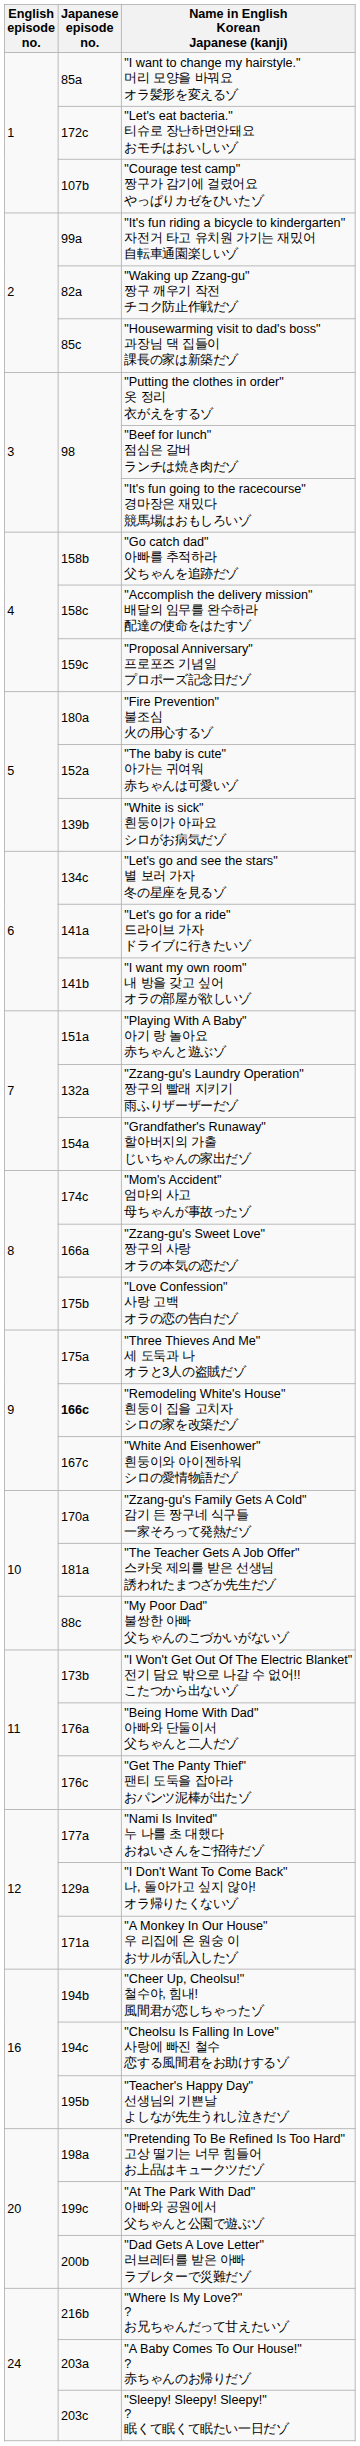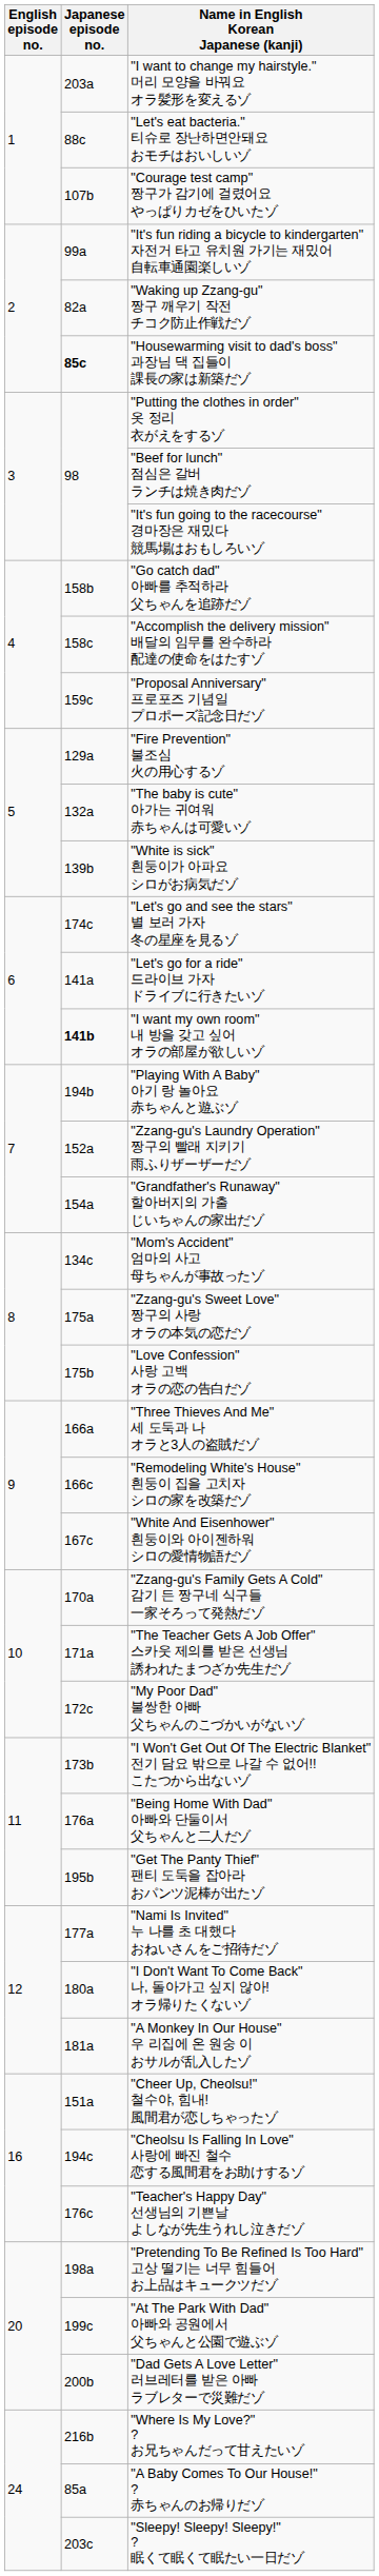 <table class="wikitable">
 <tr>
 <th>English<br>episode<br>no.</th>
 <th>Japanese<br>episode<br>no.</th>
 <th>Name in English<br>Korean <br>Japanese (kanji)</th>
 </tr>
 <tr>
 <td rowspan="3">1</td>
-<td>85a</td>
+<td>203a</td>
 <td>"I want to change my hairstyle."<br>머리 모양을 바꿔요<br> オラ髪形を変えるゾ</td>
 </tr>
 <tr>
-<td>172c</td>
+<td>88c</td>
 <td>"Let's eat bacteria."<br>티슈로 장난하면안돼요<br> おモチはおいしいゾ</td>
 </tr>
 <tr>
 <td>107b</td>
 <td>"Courage test camp"<br>짱구가 감기에 걸렸어요<br> やっぱりカゼをひいたゾ</td>
 </tr>
 <tr>
 <td rowspan="3">2</td>
 <td>99a</td>
 <td>"It's fun riding a bicycle to kindergarten"<br>자전거 타고 유치원 가기는 재밌어<br> 自転車通園楽しいゾ</td>
 </tr>
 <tr>
 <td>82a</td>
 <td>"Waking up Zzang-gu"<br>짱구 깨우기 작전<br> チコク防止作戦だゾ</td>
 </tr>
 <tr>
-<td>85c</td>
+<td><strong>85c</strong></td>
 <td>"Housewarming visit to dad's boss"<br>과장님 댁 집들이<br> 課長の家は新築だゾ</td>
 </tr>
 <tr>
 <td rowspan="3">3</td>
 <td rowspan="3">98</td>
 <td>"Putting the clothes in order"<br>옷 정리<br> 衣がえをするゾ</td>
 </tr>
 <tr>
 <td>"Beef for lunch"<br>점심은 갈버<br> ランチは焼き肉だゾ</td>
 </tr>
 <tr>
 <td>"It's fun going to the racecourse"<br>경마장은 재밌다<br> 競馬場はおもしろいゾ</td>
 </tr>
 <tr>
 <td rowspan="3">4</td>
 <td>158b</td>
 <td>"Go catch dad"<br>아빠를 추적하라<br> 父ちゃんを追跡だゾ</td>
 </tr>
 <tr>
 <td>158c</td>
 <td>"Accomplish the delivery mission"<br>배달의 임무를 완수하라<br> 配達の使命をはたすゾ</td>
 </tr>
 <tr>
 <td>159c</td>
 <td>"Proposal Anniversary"<br>프로포즈 기념일<br> プロポーズ記念日だゾ</td>
 </tr>
 <tr>
 <td rowspan="3">5</td>
-<td>180a</td>
+<td>129a</td>
 <td>"Fire Prevention"<br>불조심<br> 火の用心するゾ</td>
 </tr>
 <tr>
-<td>152a</td>
+<td>132a</td>
 <td>"The baby is cute"<br>아가는 귀여워<br> 赤ちゃんは可愛いゾ</td>
 </tr>
 <tr>
 <td>139b</td>
 <td>"White is sick"<br>흰둥이가 아파요<br> シロがお病気だゾ</td>
 </tr>
 <tr>
 <td rowspan="3">6</td>
-<td>134c</td>
+<td>174c</td>
 <td>"Let's go and see the stars"<br>별 보러 가자<br> 冬の星座を見るゾ</td>
 </tr>
 <tr>
 <td>141a</td>
 <td>"Let's go for a ride"<br>드라이브 가자<br> ドライブに行きたいゾ</td>
 </tr>
 <tr>
-<td>141b</td>
+<td><strong>141b</strong></td>
 <td>"I want my own room"<br>내 방을 갖고 싶어<br> オラの部屋が欲しいゾ</td>
 </tr>
 <tr>
 <td rowspan="3">7</td>
-<td>151a</td>
+<td>194b</td>
 <td>"Playing With A Baby"<br>아기 랑 놀아요<br> 赤ちゃんと遊ぶゾ</td>
 </tr>
 <tr>
-<td>132a</td>
+<td>152a</td>
 <td>"Zzang-gu's Laundry Operation"<br>짱구의 빨래 지키기<br> 雨ふりザーザーだゾ</td>
 </tr>
 <tr>
 <td>154a</td>
 <td>"Grandfather's Runaway"<br>할아버지의 가출<br> じいちゃんの家出だゾ</td>
 </tr>
 <tr>
 <td rowspan="3">8</td>
-<td>174c</td>
+<td>134c</td>
 <td>"Mom's Accident"<br>엄마의 사고<br> 母ちゃんが事故ったゾ</td>
 </tr>
 <tr>
-<td>166a</td>
+<td>175a</td>
 <td>"Zzang-gu's Sweet Love"<br>짱구의 사랑<br> オラの本気の恋だゾ</td>
 </tr>
 <tr>
 <td>175b</td>
 <td>"Love Confession"<br>사랑 고백<br> オラの恋の告白だゾ</td>
 </tr>
 <tr>
 <td rowspan="3">9</td>
-<td>175a</td>
+<td>166a</td>
 <td>"Three Thieves And Me"<br>세 도둑과 나<br> オラと3人の盗賊だゾ</td>
 </tr>
 <tr>
-<td><strong>166c</strong></td>
+<td>166c</td>
 <td>"Remodeling White's House"<br>흰둥이 집을 고치자<br> シロの家を改築だゾ</td>
 </tr>
 <tr>
 <td>167c</td>
 <td>"White And Eisenhower"<br>흰둥이와 아이젠하워<br> シロの愛情物語だゾ</td>
 </tr>
 <tr>
 <td rowspan="3">10</td>
 <td>170a</td>
 <td>"Zzang-gu's Family Gets A Cold"<br>감기 든 짱구네 식구들<br> 一家そろって発熱だゾ</td>
 </tr>
 <tr>
-<td>181a</td>
+<td>171a</td>
 <td>"The Teacher Gets A Job Offer"<br>스카웃 제의를 받은 선생님<br> 誘われたまつざか先生だゾ</td>
 </tr>
 <tr>
-<td>88c</td>
+<td>172c</td>
 <td>"My Poor Dad"<br>불쌍한 아빠<br> 父ちゃんのこづかいがないゾ</td>
 </tr>
 <tr>
 <td rowspan="3">11</td>
 <td>173b</td>
 <td>"I Won't Get Out Of The Electric Blanket"<br>전기 담요 밖으로 나갈 수 없어!!<br> こたつから出ないゾ</td>
 </tr>
 <tr>
 <td>176a</td>
 <td>"Being Home With Dad"<br>아빠와 단둘이서<br> 父ちゃんと二人だゾ</td>
 </tr>
 <tr>
-<td>176c</td>
+<td>195b</td>
 <td>"Get The Panty Thief"<br>팬티 도둑을 잡아라<br> おパンツ泥棒が出たゾ</td>
 </tr>
 <tr>
 <td rowspan="3">12</td>
 <td>177a</td>
 <td>"Nami Is Invited"<br>누 나를 초 대했다<br> おねいさんをご招待だゾ</td>
 </tr>
 <tr>
-<td>129a</td>
+<td>180a</td>
 <td>"I Don't Want To Come Back"<br>나, 돌아가고 싶지 않아!<br> オラ帰りたくないゾ</td>
 </tr>
 <tr>
-<td>171a</td>
+<td>181a</td>
 <td>"A Monkey In Our House"<br>우 리집에 온 원숭 이<br> おサルが乱入したゾ</td>
 </tr>
 <tr>
 <td rowspan="3">16</td>
-<td>194b</td>
+<td>151a</td>
 <td>"Cheer Up, Cheolsu!"<br>철수야, 힘내!<br> 風間君が恋しちゃったゾ</td>
 </tr>
 <tr>
 <td>194c</td>
 <td>"Cheolsu Is Falling In Love"<br>사랑에 빠진 철수<br> 恋する風間君をお助けするゾ</td>
 </tr>
 <tr>
-<td>195b</td>
+<td>176c</td>
 <td>"Teacher's Happy Day"<br>선생님의 기쁜날<br> よしなが先生うれし泣きだゾ</td>
 </tr>
 <tr>
 <td rowspan="3">20</td>
 <td>198a</td>
 <td>"Pretending To Be Refined Is Too Hard"<br>고상 떨기는 너무 힘들어<br> お上品はキュークツだゾ</td>
 </tr>
 <tr>
 <td>199c</td>
 <td>"At The Park With Dad"<br>아빠와 공원에서<br> 父ちゃんと公園で遊ぶゾ</td>
 </tr>
 <tr>
 <td>200b</td>
 <td>"Dad Gets A Love Letter"<br>러브레터를 받은 아빠<br> ラブレターで災難だゾ</td>
 </tr>
 <tr>
 <td rowspan="3">24</td>
 <td>216b</td>
 <td>"Where Is My Love?"<br>?<br> お兄ちゃんだって甘えたいゾ</td>
 </tr>
 <tr>
-<td>203a</td>
+<td>85a</td>
 <td>"A Baby Comes To Our House!"<br>?<br> 赤ちゃんのお帰りだゾ</td>
 </tr>
 <tr>
 <td>203c</td>
 <td>"Sleepy! Sleepy! Sleepy!"<br>?<br> 眠くて眠くて眠たい一日だゾ</td>
 </tr>
 </table>
